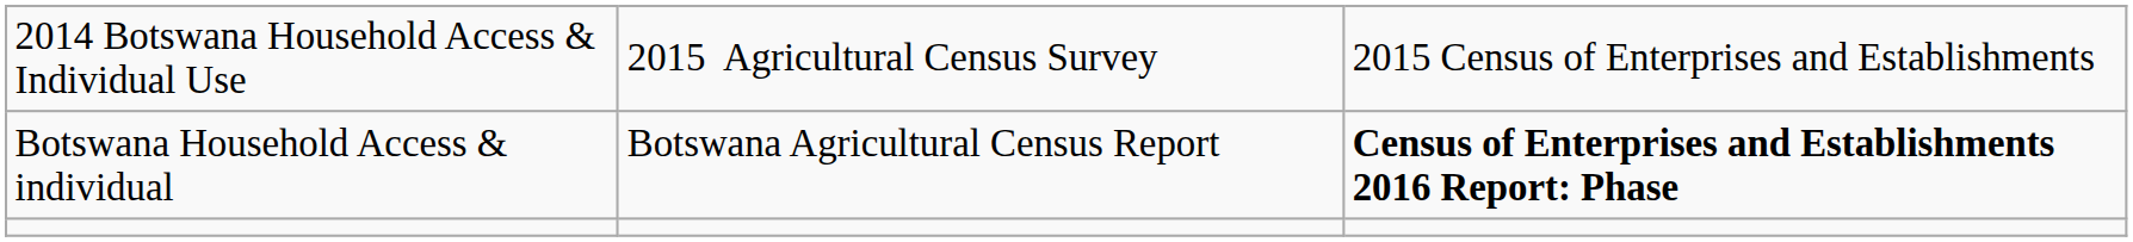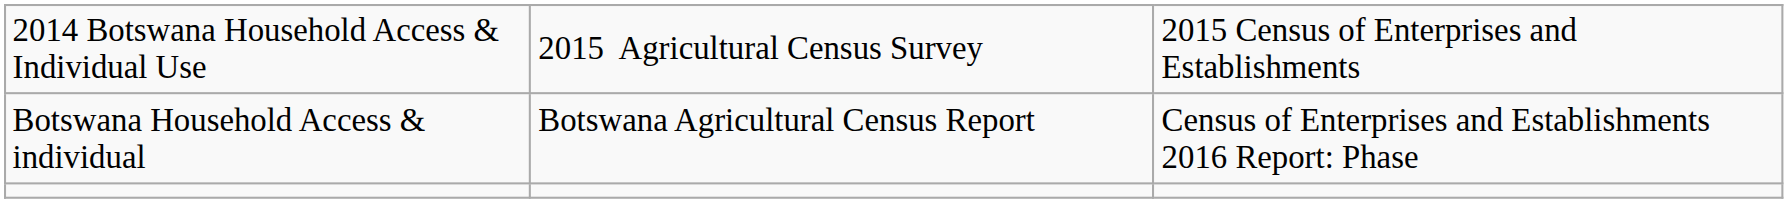 <table class="wikitable">
 <tr>
 <td>2014  Botswana Household Access & Individual Use</td>
 <td>2015  Agricultural Census Survey </td>
 <td>2015 Census of  Enterprises and Establishments</td>
 </tr>
 <tr>
 <td>Botswana Household Access & individual </td>
 <td>Botswana Agricultural Census Report                                           </td>
-<td><strong>Census  of Enterprises and Establishments 2016 Report: Phase </strong></td>
+<td>Census  of Enterprises and Establishments 2016 Report: Phase </td>
 </tr>
 <tr>
 <td></td>
 <td></td>
 <td></td>
 </tr>
 </table>
